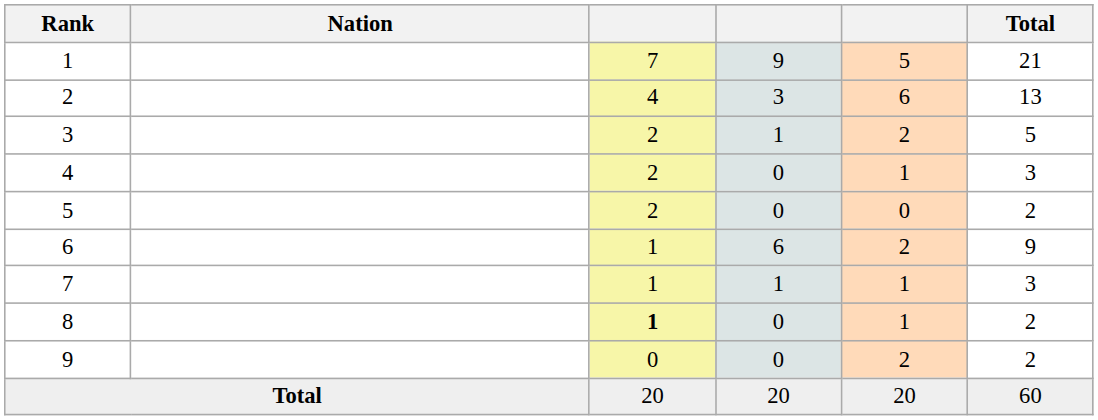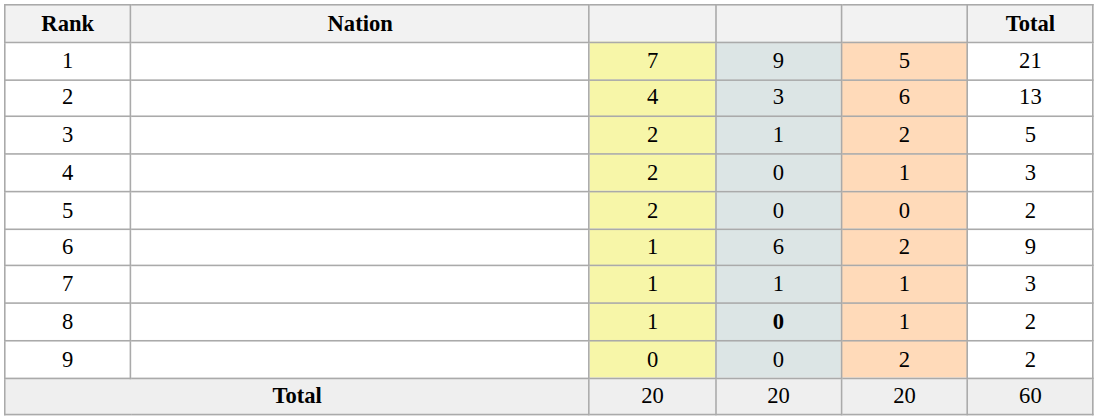 <table class=wikitable width=35% cellspacing="1" cellpadding="3" style="border:1px solid #AAAAAA;font-size:90%">
 <tr bgcolor="#EFEFEF">
 <th width=50>Rank</th>
 <th width=200>Nation</th>
 <th width=50></th>
 <th width=50></th>
 <th width=50></th>
 <th width=50>Total</th>
 </tr>
 <tr align="center" valign="top" bgcolor="#FFFFFF">
 <td rowspan="1" valign="center">1</td>
 <td align="left"></td>
 <td style="background:#F7F6A8;">7</td>
 <td style="background:#DCE5E5;">9</td>
 <td style="background:#FFDAB9;">5</td>
 <td>21</td>
 </tr>
 <tr align="center" valign="top" bgcolor="#FFFFFF">
 <td rowspan="1" valign="center">2</td>
 <td align="left"></td>
 <td style="background:#F7F6A8;">4</td>
 <td style="background:#DCE5E5;">3</td>
 <td style="background:#FFDAB9;">6</td>
 <td>13</td>
 </tr>
 <tr align="center" valign="top" bgcolor="#FFFFFF">
 <td rowspan="1" valign="center">3</td>
 <td align="left"></td>
 <td style="background:#F7F6A8;">2</td>
 <td style="background:#DCE5E5;">1</td>
 <td style="background:#FFDAB9;">2</td>
 <td>5</td>
 </tr>
 <tr align="center" valign="top" bgcolor="#FFFFFF">
 <td rowspan="1" valign="center">4</td>
 <td align="left"></td>
 <td style="background:#F7F6A8;">2</td>
 <td style="background:#DCE5E5;">0</td>
 <td style="background:#FFDAB9;">1</td>
 <td>3</td>
 </tr>
 <tr align="center" valign="top" bgcolor="#FFFFFF">
 <td rowspan="1" valign="center">5</td>
 <td align="left"></td>
 <td style="background:#F7F6A8;">2</td>
 <td style="background:#DCE5E5;">0</td>
 <td style="background:#FFDAB9;">0</td>
 <td>2</td>
 </tr>
 <tr align="center" valign="top" bgcolor="#FFFFFF">
 <td rowspan="1" valign="center">6</td>
 <td align="left"></td>
 <td style="background:#F7F6A8;">1</td>
 <td style="background:#DCE5E5;">6</td>
 <td style="background:#FFDAB9;">2</td>
 <td>9</td>
 </tr>
 <tr align="center" valign="top" bgcolor="#FFFFFF">
 <td rowspan="1" valign="center">7</td>
 <td align="left"></td>
 <td style="background:#F7F6A8;">1</td>
 <td style="background:#DCE5E5;">1</td>
 <td style="background:#FFDAB9;">1</td>
 <td>3</td>
 </tr>
 <tr align="center" valign="top" bgcolor="#FFFFFF">
 <td rowspan="1" valign="center">8</td>
 <td align="left"></td>
-<td style="background:#F7F6A8;"><strong>1</strong></td>
-<td style="background:#DCE5E5;">0</td>
+<td style="background:#F7F6A8;">1</td>
+<td style="background:#DCE5E5;"><strong>0</strong></td>
 <td style="background:#FFDAB9;">1</td>
 <td>2</td>
 </tr>
 <tr align="center" valign="top" bgcolor="#FFFFFF">
 <td rowspan="1" valign="center">9</td>
 <td align="left"></td>
 <td style="background:#F7F6A8;">0</td>
 <td style="background:#DCE5E5;">0</td>
 <td style="background:#FFDAB9;">2</td>
 <td>2</td>
 </tr>
 <tr align="center" valign="top" bgcolor="#EFEFEF">
 <td colspan="2" rowspan="1" valign="center"><strong>Total</strong></td>
 <td>20</td>
 <td>20</td>
 <td>20</td>
 <td>60</td>
 </tr>
 </table>
